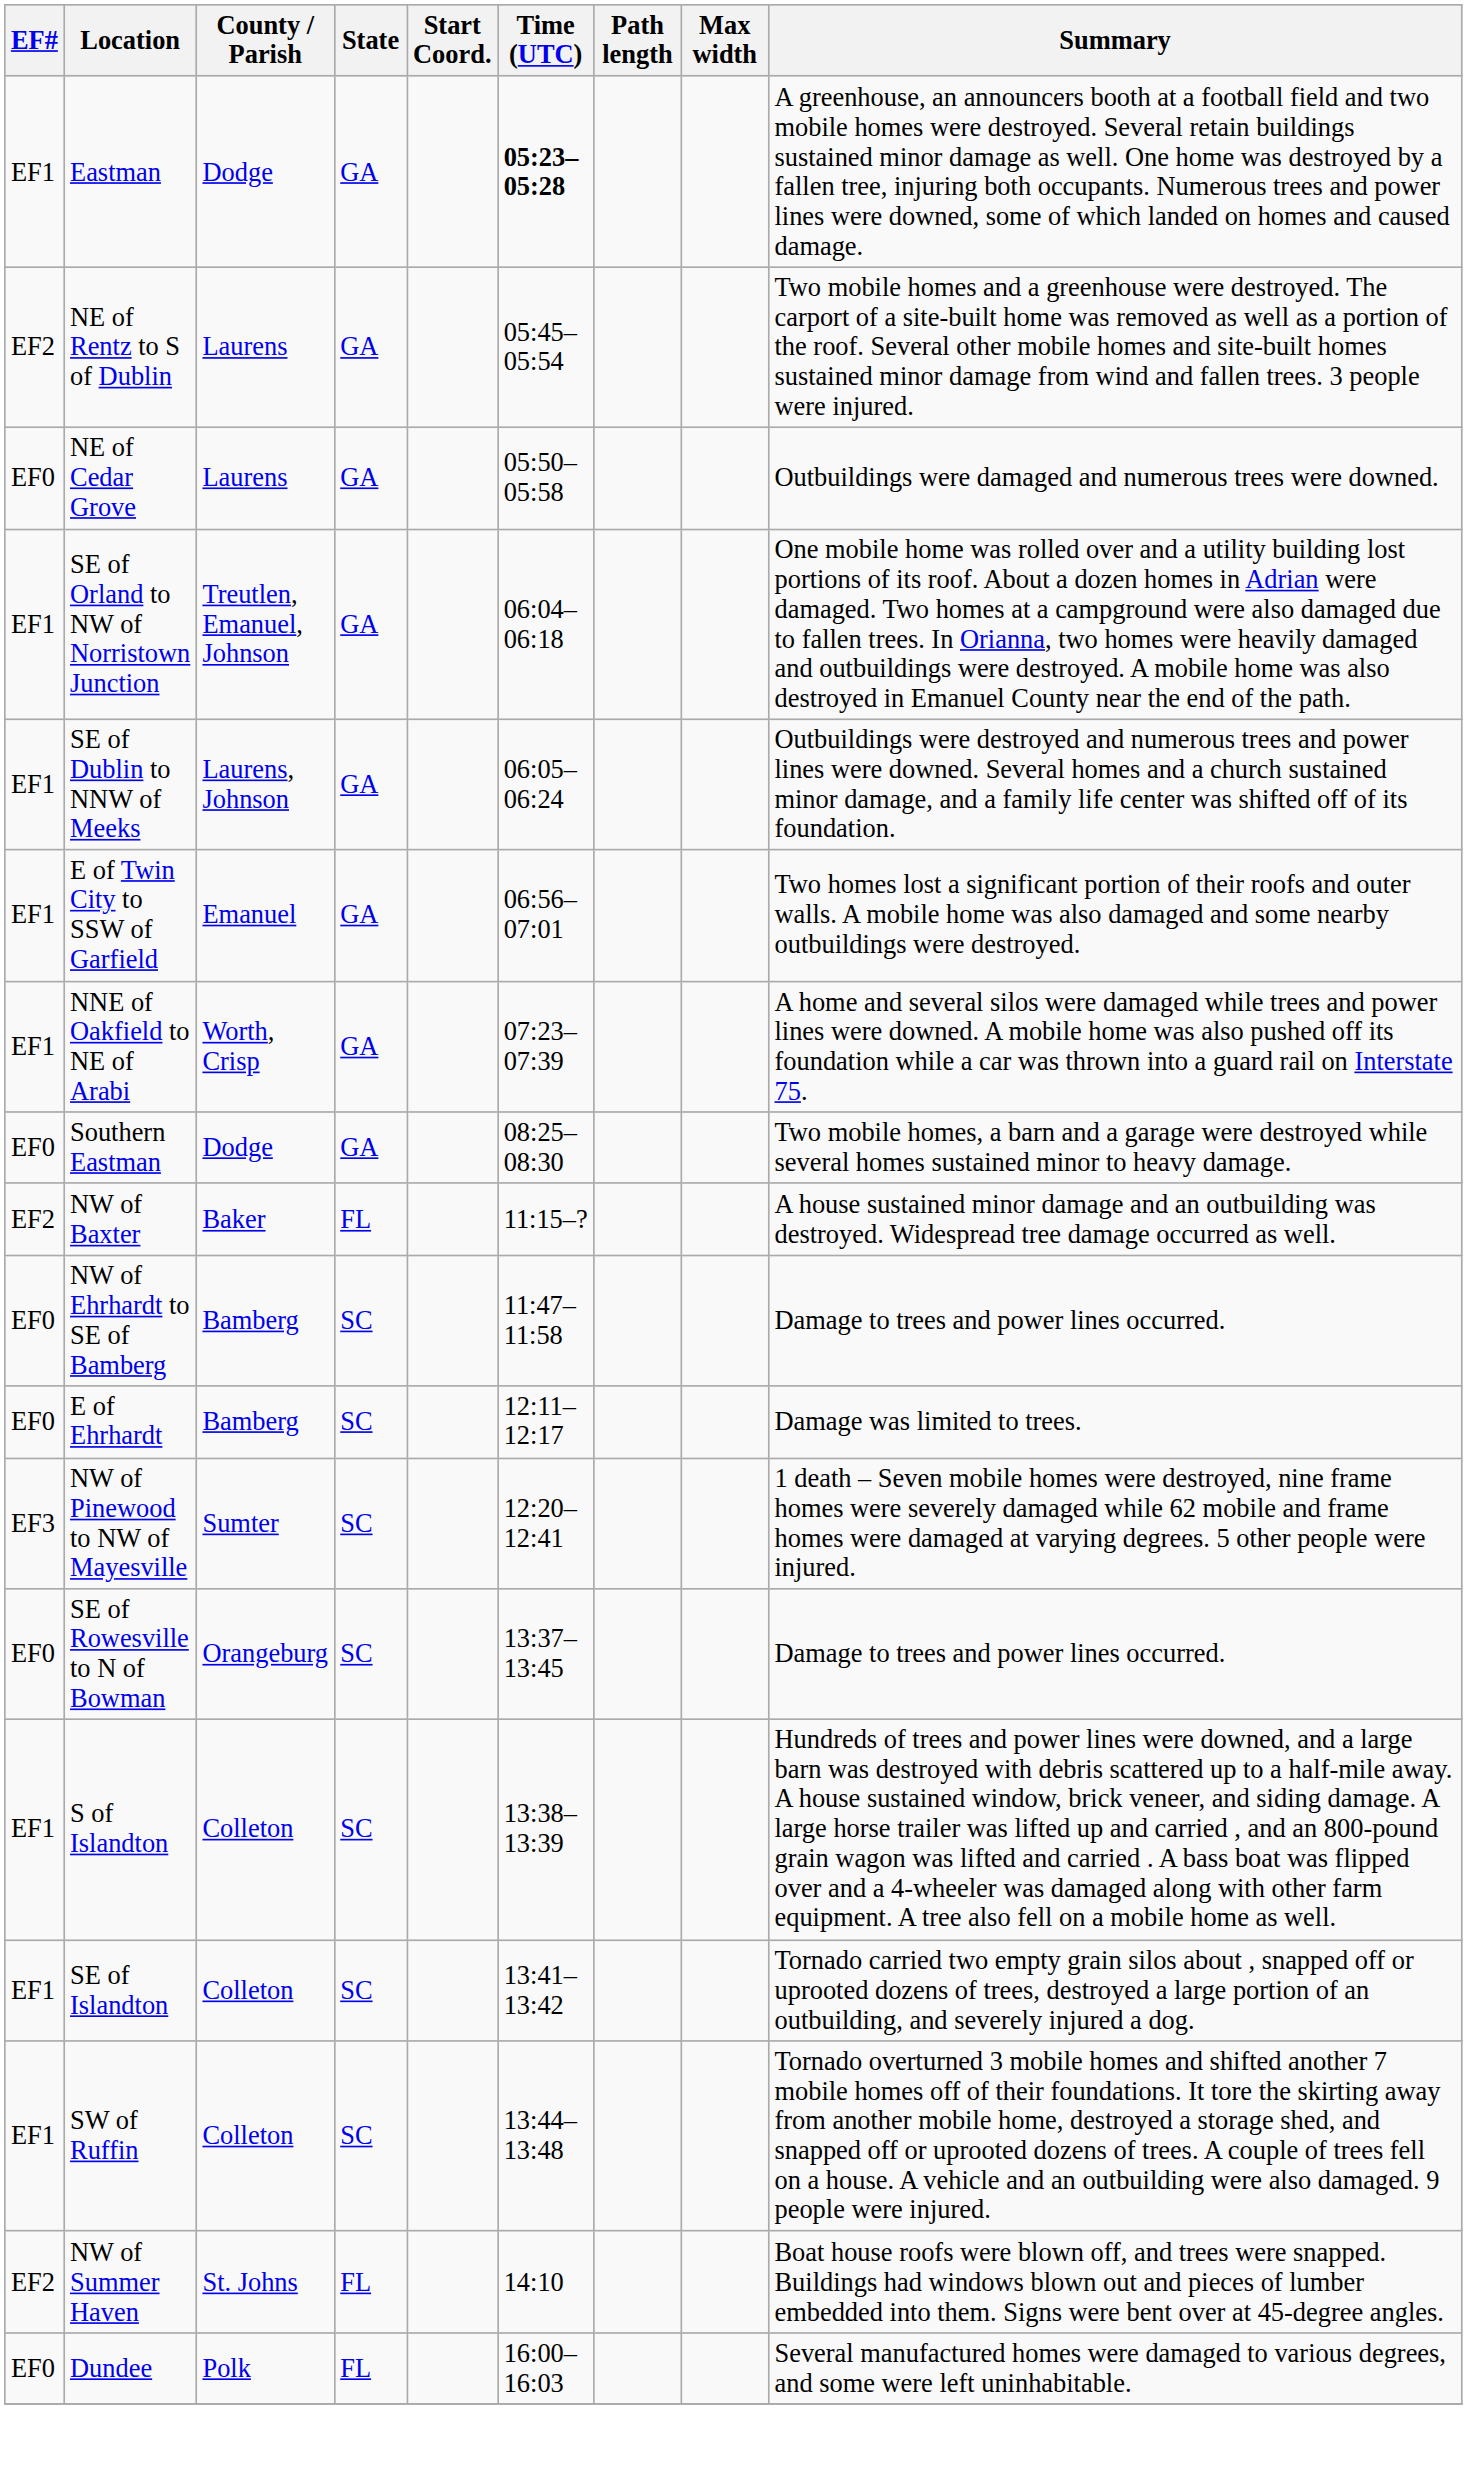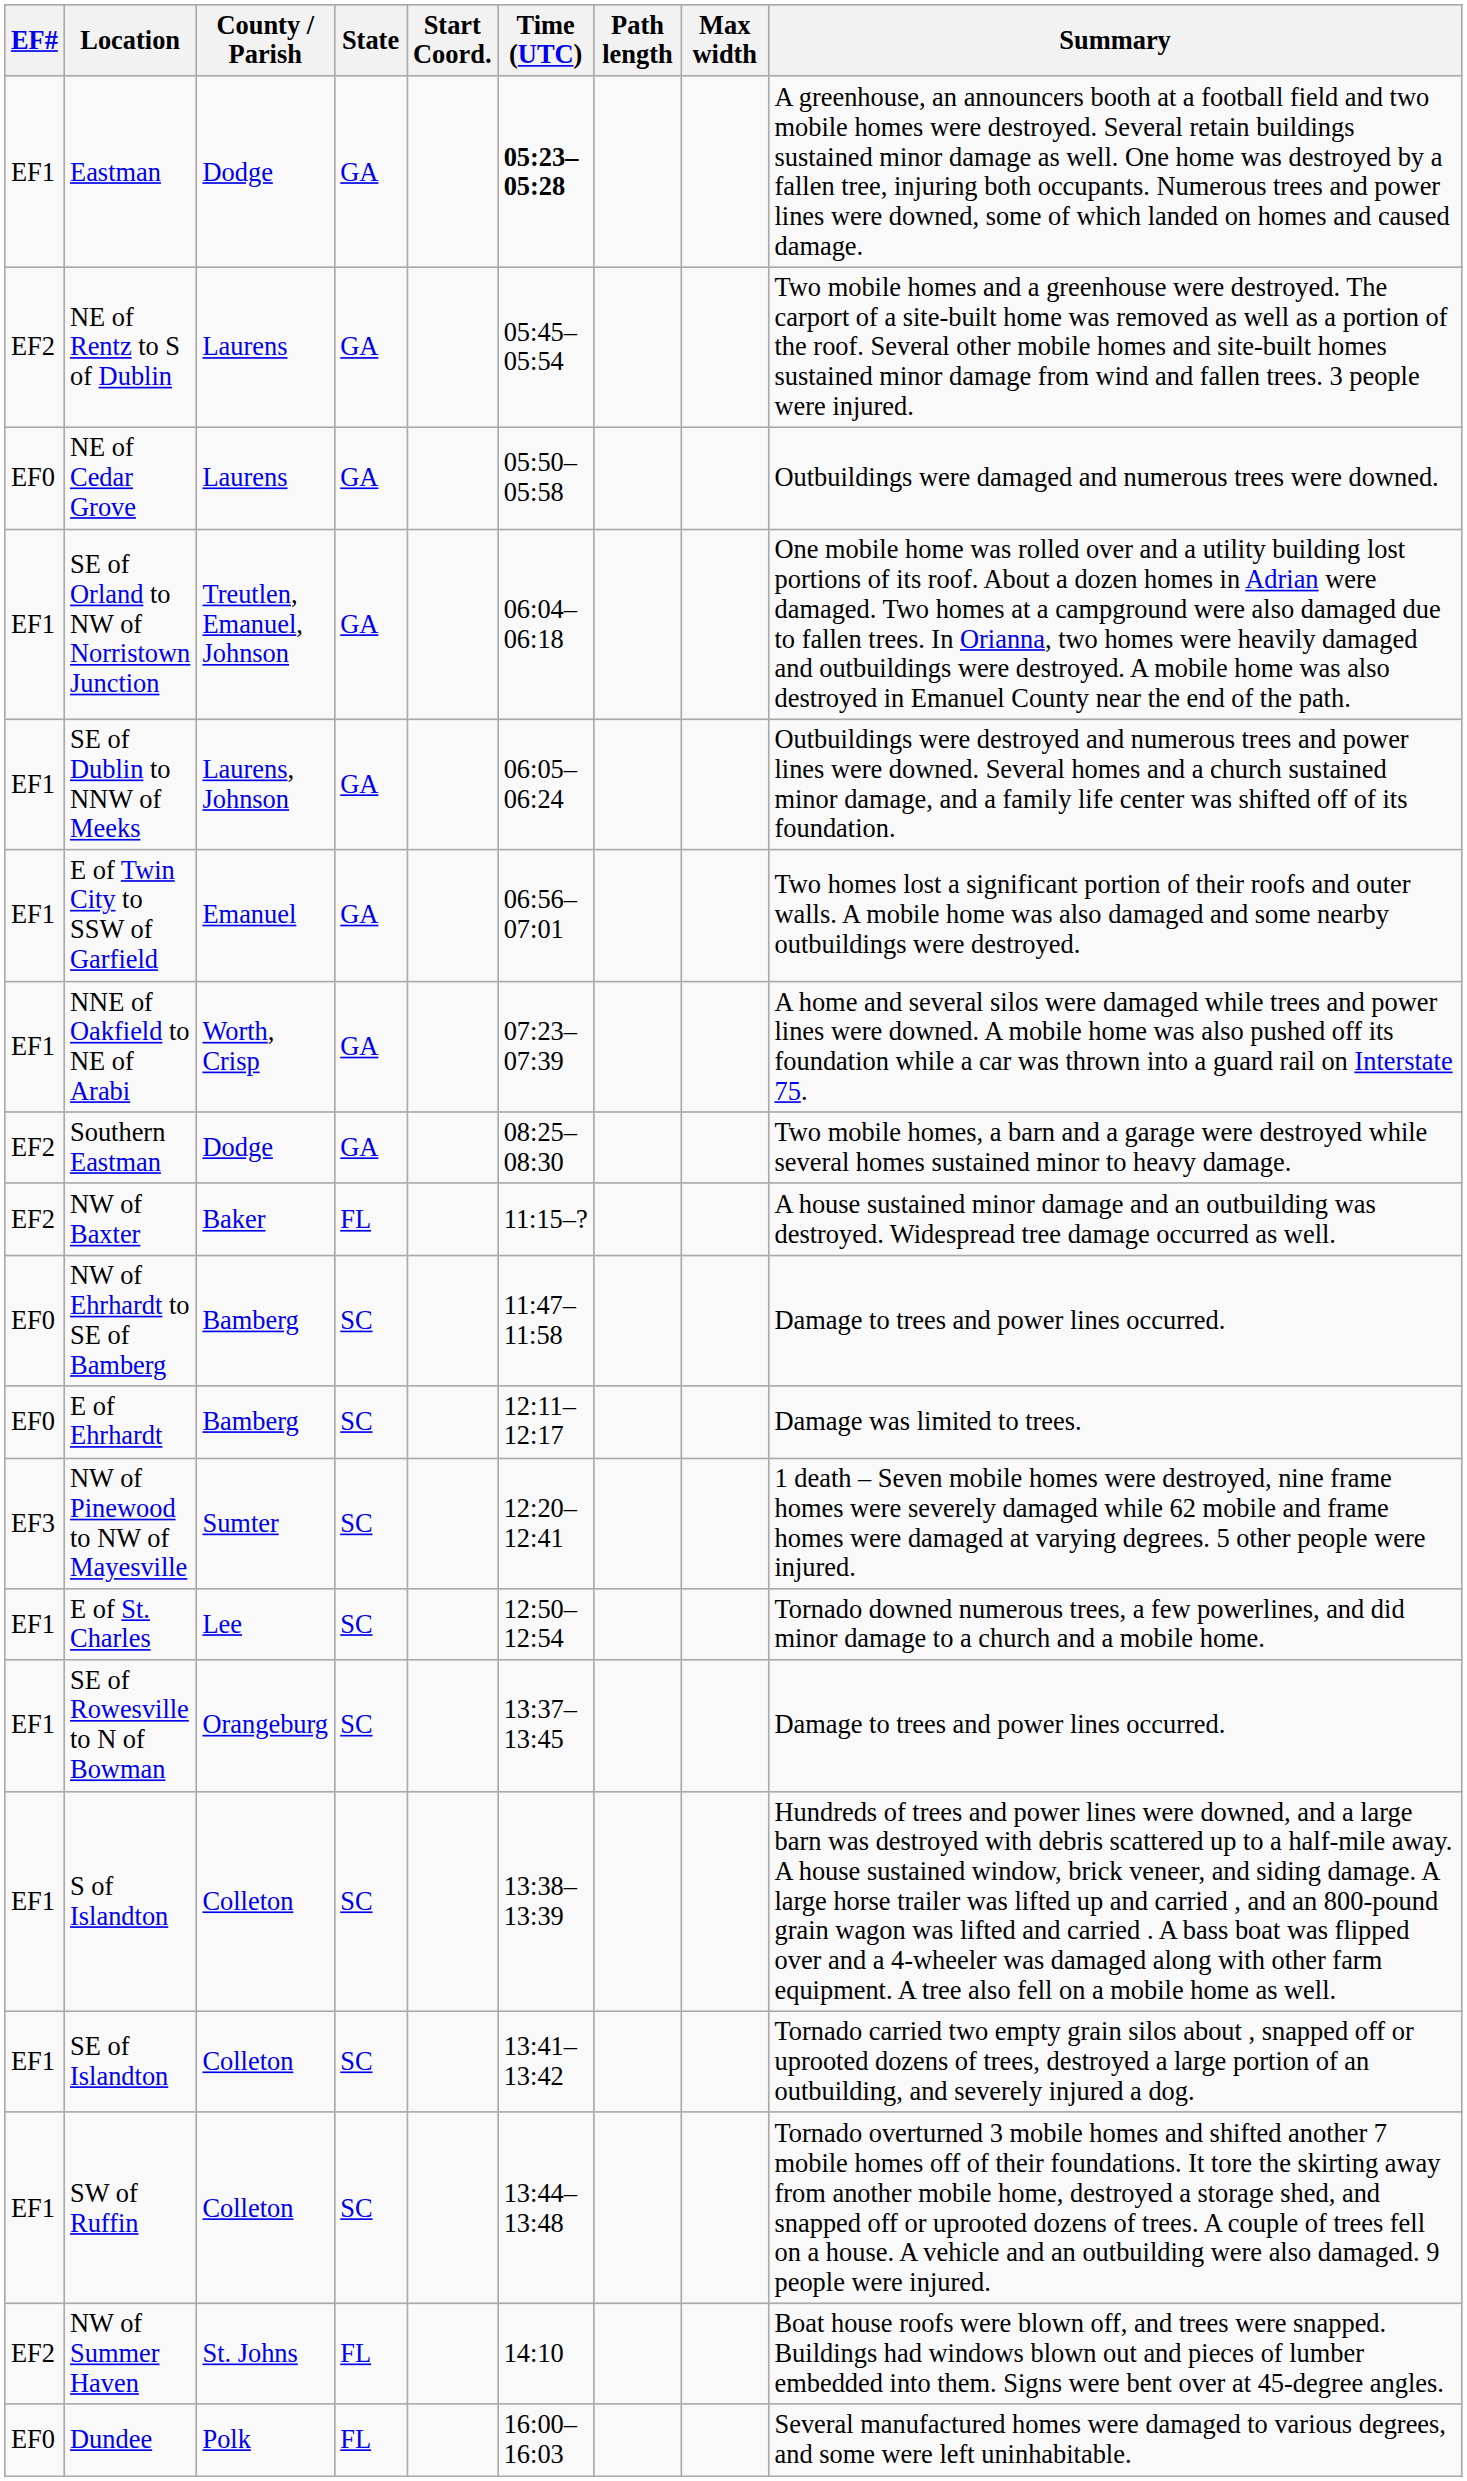 <table class="wikitable sortable" style="width:100%;">
 <tr>
 <th scope="col"  style="width:3%; text-align:center;"><a href='#'>EF#</a></th>
 <th scope="col"  style="width:7%; text-align:center;" class="unsortable">Location</th>
 <th scope="col"  style="width:6%; text-align:center;" class="unsortable">County / Parish</th>
 <th scope="col"  style="width:5%; text-align:center;">State</th>
 <th scope="col"  style="width:6%; text-align:center;">Start Coord.</th>
 <th scope="col"  style="width:6%; text-align:center;">Time (<a href='#'>UTC</a>)</th>
 <th scope="col"  style="width:6%; text-align:center;">Path length</th>
 <th scope="col"  style="width:6%; text-align:center;">Max width</th>
 <th scope="col" class="unsortable" style="width:48%; text-align:center;">Summary</th>
 </tr>
 <tr>
 <td>EF1</td>
 <td><a href='#'>Eastman</a></td>
 <td><a href='#'>Dodge</a></td>
 <td><a href='#'>GA</a></td>
 <td></td>
 <td><strong>05:23–05:28</strong></td>
 <td></td>
 <td></td>
 <td>A greenhouse, an announcers booth at a football field and two mobile homes were destroyed. Several retain buildings sustained minor damage as well. One home was destroyed by a fallen tree, injuring both occupants. Numerous trees and power lines were downed, some of which landed on homes and caused damage.</td>
 </tr>
 <tr>
 <td>EF2</td>
 <td>NE of <a href='#'>Rentz</a> to S of <a href='#'>Dublin</a></td>
 <td><a href='#'>Laurens</a></td>
 <td><a href='#'>GA</a></td>
 <td></td>
 <td>05:45–05:54</td>
 <td></td>
 <td></td>
 <td>Two mobile homes and a greenhouse were destroyed. The carport of a site-built home was removed as well as a portion of the roof. Several other mobile homes and site-built homes sustained minor damage from wind and fallen trees. 3 people were injured.</td>
 </tr>
 <tr>
 <td>EF0</td>
 <td>NE of <a href='#'>Cedar Grove</a></td>
 <td><a href='#'>Laurens</a></td>
 <td><a href='#'>GA</a></td>
 <td></td>
 <td>05:50–05:58</td>
 <td></td>
 <td></td>
 <td>Outbuildings were damaged and numerous trees were downed.</td>
 </tr>
 <tr>
 <td>EF1</td>
 <td>SE of <a href='#'>Orland</a> to NW of <a href='#'>Norristown Junction</a></td>
 <td><a href='#'>Treutlen</a>, <a href='#'>Emanuel</a>, <a href='#'>Johnson</a></td>
 <td><a href='#'>GA</a></td>
 <td></td>
 <td>06:04–06:18</td>
 <td></td>
 <td></td>
 <td>One mobile home was rolled over and a utility building lost portions of its roof. About a dozen homes in <a href='#'>Adrian</a> were damaged. Two homes at a campground were also damaged due to fallen trees. In <a href='#'>Orianna</a>, two homes were heavily damaged and outbuildings were destroyed. A mobile home was also destroyed in Emanuel County near the end of the path.</td>
 </tr>
 <tr>
 <td>EF1</td>
 <td>SE of <a href='#'>Dublin</a> to NNW of <a href='#'>Meeks</a></td>
 <td><a href='#'>Laurens</a>, <a href='#'>Johnson</a></td>
 <td><a href='#'>GA</a></td>
 <td></td>
 <td>06:05–06:24</td>
 <td></td>
 <td></td>
 <td>Outbuildings were destroyed and numerous trees and power lines were downed. Several homes and a church sustained minor damage, and a family life center was shifted off of its foundation.</td>
 </tr>
 <tr>
 <td>EF1</td>
 <td>E of <a href='#'>Twin City</a> to SSW of <a href='#'>Garfield</a></td>
 <td><a href='#'>Emanuel</a></td>
 <td><a href='#'>GA</a></td>
 <td></td>
 <td>06:56–07:01</td>
 <td></td>
 <td></td>
 <td>Two homes lost a significant portion of their roofs and outer walls. A mobile home was also damaged and some nearby outbuildings were destroyed.</td>
 </tr>
 <tr>
 <td>EF1</td>
 <td>NNE of <a href='#'>Oakfield</a> to NE of <a href='#'>Arabi</a></td>
 <td><a href='#'>Worth</a>, <a href='#'>Crisp</a></td>
 <td><a href='#'>GA</a></td>
 <td></td>
 <td>07:23–07:39</td>
 <td></td>
 <td></td>
 <td>A home and several silos were damaged while trees and power lines were downed. A mobile home was also pushed off its foundation while a car was thrown into a guard rail on <a href='#'>Interstate 75</a>.</td>
 </tr>
 <tr>
-<td>EF0</td>
+<td>EF2</td>
 <td>Southern <a href='#'>Eastman</a></td>
 <td><a href='#'>Dodge</a></td>
 <td><a href='#'>GA</a></td>
 <td></td>
 <td>08:25–08:30</td>
 <td></td>
 <td></td>
 <td>Two mobile homes, a barn and a garage were destroyed while several homes sustained minor to heavy damage.</td>
 </tr>
 <tr>
 <td>EF2</td>
 <td>NW of <a href='#'>Baxter</a></td>
 <td><a href='#'>Baker</a></td>
 <td><a href='#'>FL</a></td>
 <td></td>
 <td>11:15–?</td>
 <td></td>
 <td></td>
 <td>A house sustained minor damage and an outbuilding was destroyed. Widespread tree damage occurred as well.</td>
 </tr>
 <tr>
 <td>EF0</td>
 <td>NW of <a href='#'>Ehrhardt</a> to SE of <a href='#'>Bamberg</a></td>
 <td><a href='#'>Bamberg</a></td>
 <td><a href='#'>SC</a></td>
 <td></td>
 <td>11:47–11:58</td>
 <td></td>
 <td></td>
 <td>Damage to trees and power lines occurred.</td>
 </tr>
 <tr>
 <td>EF0</td>
 <td>E of <a href='#'>Ehrhardt</a></td>
 <td><a href='#'>Bamberg</a></td>
 <td><a href='#'>SC</a></td>
 <td></td>
 <td>12:11–12:17</td>
 <td></td>
 <td></td>
 <td>Damage was limited to trees.</td>
 </tr>
 <tr>
 <td>EF3</td>
 <td>NW of <a href='#'>Pinewood</a> to NW of <a href='#'>Mayesville</a></td>
 <td><a href='#'>Sumter</a></td>
 <td><a href='#'>SC</a></td>
 <td></td>
 <td>12:20–12:41</td>
 <td></td>
 <td></td>
 <td>1 death – Seven mobile homes were destroyed, nine frame homes were severely damaged while 62 mobile and frame homes were damaged at varying degrees. 5 other people were injured.</td>
 </tr>
 <tr>
-<td>EF0</td>
+<td>EF1</td>
+<td>E of <a href='#'>St. Charles</a></td>
+<td><a href='#'>Lee</a></td>
+<td><a href='#'>SC</a></td>
+<td></td>
+<td>12:50–12:54</td>
+<td></td>
+<td></td>
+<td>Tornado downed numerous trees, a few powerlines, and did minor damage to a church and a mobile home.</td>
+</tr>
+<tr>
+<td>EF1</td>
 <td>SE of <a href='#'>Rowesville</a> to N of <a href='#'>Bowman</a></td>
 <td><a href='#'>Orangeburg</a></td>
 <td><a href='#'>SC</a></td>
 <td></td>
 <td>13:37–13:45</td>
 <td></td>
 <td></td>
 <td>Damage to trees and power lines occurred.</td>
 </tr>
 <tr>
 <td>EF1</td>
 <td>S of <a href='#'>Islandton</a></td>
 <td><a href='#'>Colleton</a></td>
 <td><a href='#'>SC</a></td>
 <td></td>
 <td>13:38–13:39</td>
 <td></td>
 <td></td>
 <td>Hundreds of trees and power lines were downed, and a large barn was destroyed with debris scattered up to a half-mile away. A house sustained window, brick veneer, and siding damage. A large  horse trailer was lifted up and carried , and an 800-pound grain wagon was lifted and carried . A bass boat was flipped over and a 4-wheeler was damaged along with other farm equipment. A tree also fell on a mobile home as well.</td>
 </tr>
 <tr>
 <td>EF1</td>
 <td>SE of <a href='#'>Islandton</a></td>
 <td><a href='#'>Colleton</a></td>
 <td><a href='#'>SC</a></td>
 <td></td>
 <td>13:41–13:42</td>
 <td></td>
 <td></td>
 <td>Tornado carried two empty grain silos about , snapped off or uprooted dozens of trees, destroyed a large portion of an outbuilding, and severely injured a dog.</td>
 </tr>
 <tr>
 <td>EF1</td>
 <td>SW of <a href='#'>Ruffin</a></td>
 <td><a href='#'>Colleton</a></td>
 <td><a href='#'>SC</a></td>
 <td></td>
 <td>13:44–13:48</td>
 <td></td>
 <td></td>
 <td>Tornado overturned 3 mobile homes and shifted another 7 mobile homes off of their foundations. It tore the skirting away from another mobile home, destroyed a storage shed, and snapped off or uprooted dozens of trees. A couple of trees fell on a house. A vehicle and an outbuilding were also damaged. 9 people were injured.</td>
 </tr>
 <tr>
 <td>EF2</td>
 <td>NW of <a href='#'>Summer Haven</a></td>
 <td><a href='#'>St. Johns</a></td>
 <td><a href='#'>FL</a></td>
 <td></td>
 <td>14:10</td>
 <td></td>
 <td></td>
 <td>Boat house roofs were blown off, and trees were snapped. Buildings had windows blown out and pieces of lumber embedded into them. Signs were bent over at 45-degree angles.</td>
 </tr>
 <tr>
 <td>EF0</td>
 <td><a href='#'>Dundee</a></td>
 <td><a href='#'>Polk</a></td>
 <td><a href='#'>FL</a></td>
 <td></td>
 <td>16:00–16:03</td>
 <td></td>
 <td></td>
 <td>Several manufactured homes were damaged to various degrees, and some were left uninhabitable.</td>
 </tr>
 <tr>
 </tr>
 </table>
